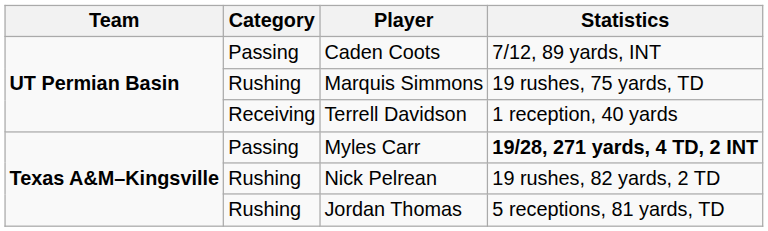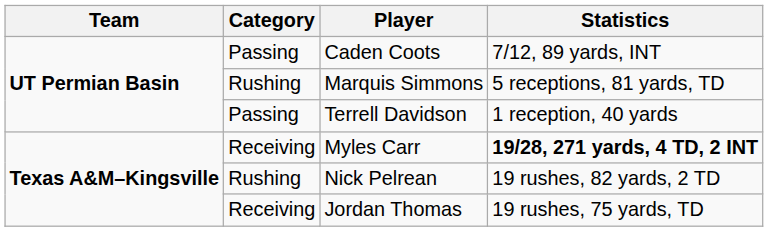 <table class="wikitable" style="float: right;">
 <tr>
 <th>Team</th>
 <th>Category</th>
 <th>Player</th>
 <th>Statistics</th>
 </tr>
 <tr>
 <td rowspan=3><strong>UT Permian Basin</strong></td>
 <td>Passing</td>
 <td>Caden Coots</td>
 <td>7/12, 89 yards, INT</td>
 </tr>
 <tr>
 <td>Rushing</td>
 <td>Marquis Simmons</td>
-<td>19 rushes, 75 yards, TD</td>
+<td>5 receptions, 81 yards, TD</td>
 </tr>
 <tr>
-<td>Receiving</td>
+<td>Passing</td>
 <td>Terrell Davidson</td>
 <td>1 reception, 40 yards</td>
 </tr>
 <tr>
 <td rowspan=3><strong>Texas A&M–Kingsville</strong></td>
-<td>Passing</td>
+<td>Receiving</td>
 <td>Myles Carr</td>
 <td><strong>19/28, 271 yards, 4 TD, 2 INT</strong></td>
 </tr>
 <tr>
 <td>Rushing</td>
 <td>Nick Pelrean</td>
 <td>19 rushes, 82 yards, 2 TD</td>
 </tr>
 <tr>
-<td>Rushing</td>
+<td>Receiving</td>
 <td>Jordan Thomas</td>
-<td>5 receptions, 81 yards, TD</td>
+<td>19 rushes, 75 yards, TD</td>
 </tr>
 </table>
